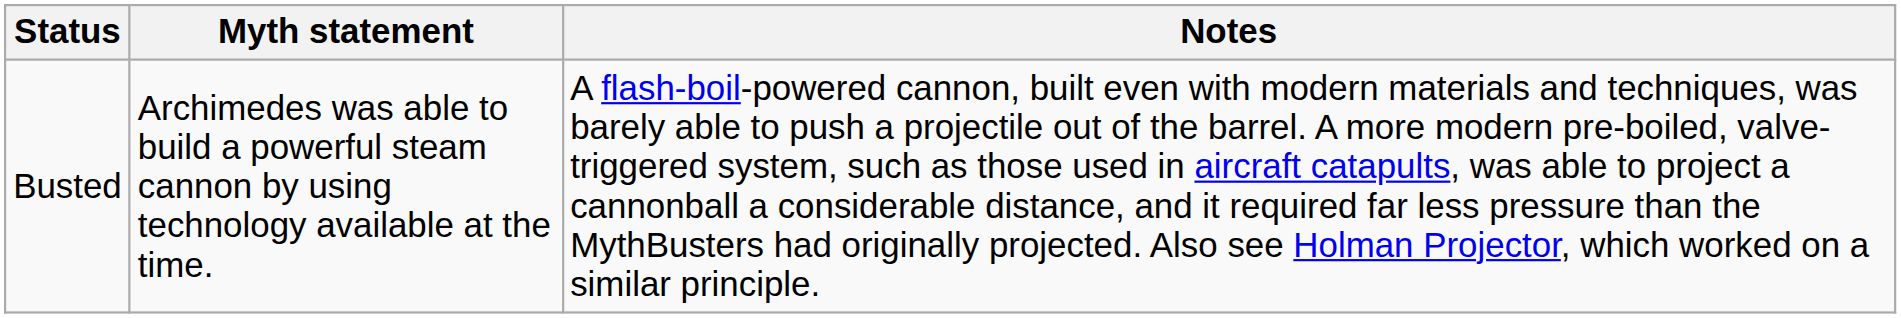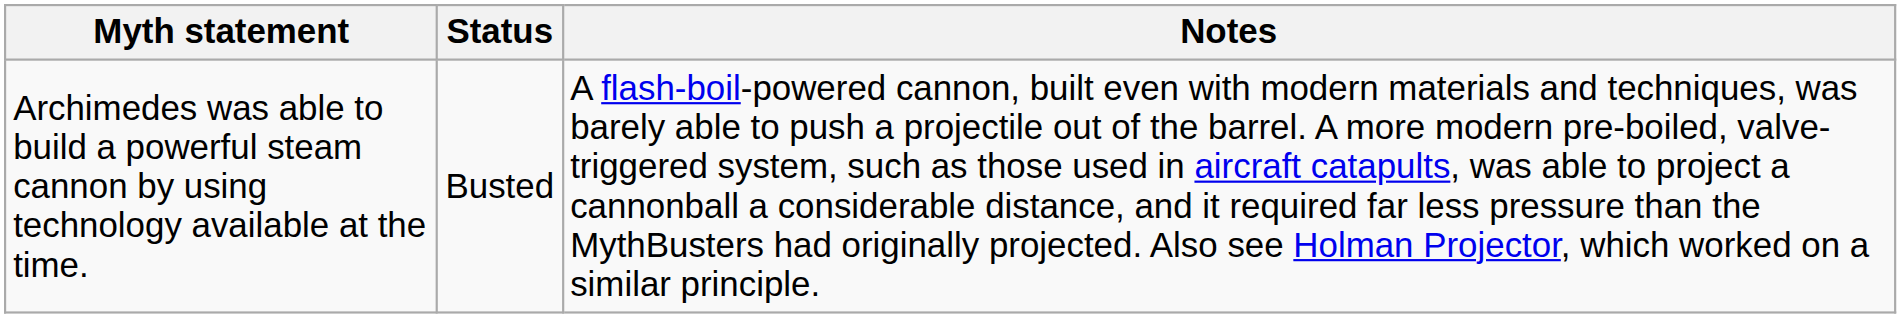 <table class="wikitable plainrowheaders">
 <tr>
+<th>Myth statement</th>
 <th>Status</th>
-<th>Myth statement</th>
 <th>Notes</th>
 </tr>
 <tr>
+<td>Archimedes was able to build a powerful steam cannon by using technology available at the time.</td>
 <td><span>Busted</span></td>
-<td>Archimedes was able to build a powerful steam cannon by using technology available at the time.</td>
 <td>A <a href='#'>flash-boil</a>-powered cannon, built even with modern materials and techniques, was barely able to push a projectile out of the barrel. A more modern pre-boiled, valve-triggered system, such as those used in <a href='#'>aircraft catapults</a>, was able to project a cannonball a considerable distance, and it required far less pressure than the MythBusters had originally projected. Also see <a href='#'>Holman Projector</a>, which worked on a similar principle.</td>
 </tr>
 </table>
